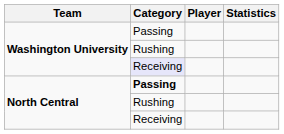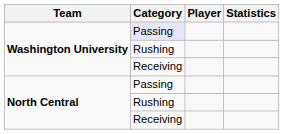 <table class="wikitable" style="float: left;">
 <tr>
 <th>Team</th>
 <th>Category</th>
 <th>Player</th>
 <th>Statistics</th>
 </tr>
 <tr>
 <td rowspan=3><strong>Washington University</strong></td>
-<td>Passing</td>
+<td style="background: lavender;">Passing</td>
 <td></td>
 <td></td>
 </tr>
 <tr>
 <td>Rushing</td>
 <td></td>
 <td></td>
 </tr>
 <tr>
-<td style="background: lavender;">Receiving</td>
+<td>Receiving</td>
 <td></td>
 <td></td>
 </tr>
 <tr>
 <td rowspan=3><strong>North Central</strong></td>
-<td><strong>Passing</strong></td>
+<td>Passing</td>
 <td></td>
 <td></td>
 </tr>
 <tr>
 <td>Rushing</td>
 <td></td>
 <td></td>
 </tr>
 <tr>
 <td>Receiving</td>
 <td></td>
 <td></td>
 </tr>
 </table>
